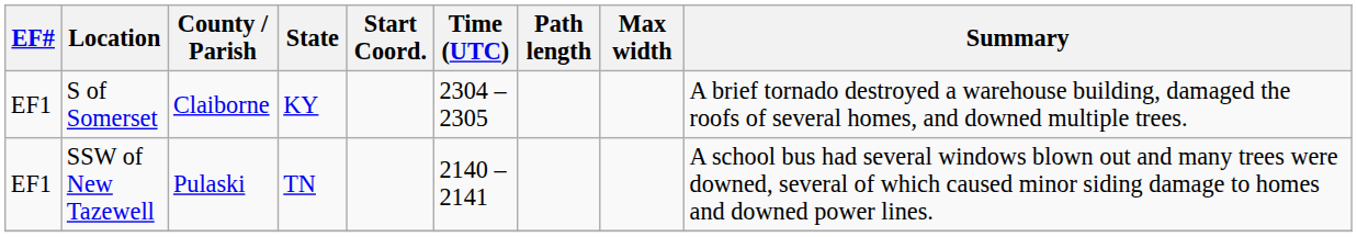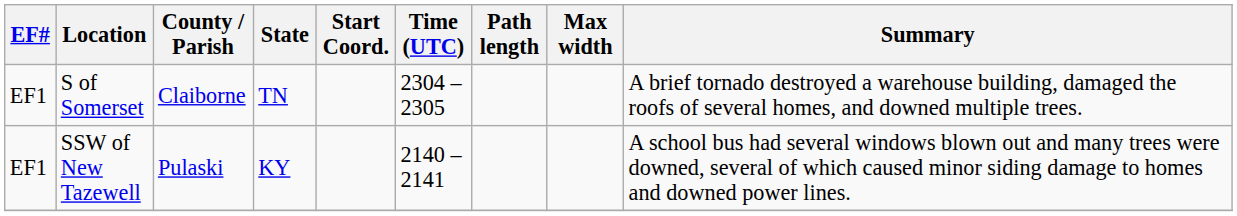 <table class="wikitable sortable" style="width:100%;">
 <tr>
 <th scope="col"  style="width:3%; text-align:center;"><a href='#'>EF#</a></th>
 <th scope="col"  style="width:7%; text-align:center;" class="unsortable">Location</th>
 <th scope="col"  style="width:6%; text-align:center;" class="unsortable">County / Parish</th>
 <th scope="col"  style="width:5%; text-align:center;">State</th>
 <th scope="col"  style="width:6%; text-align:center;">Start Coord.</th>
 <th scope="col"  style="width:6%; text-align:center;">Time (<a href='#'>UTC</a>)</th>
 <th scope="col"  style="width:6%; text-align:center;">Path length</th>
 <th scope="col"  style="width:6%; text-align:center;">Max width</th>
 <th scope="col" class="unsortable" style="width:48%; text-align:center;">Summary</th>
 </tr>
 <tr>
 <td>EF1</td>
 <td>S of <a href='#'>Somerset</a></td>
 <td><a href='#'>Claiborne</a></td>
-<td><a href='#'>KY</a></td>
+<td><a href='#'>TN</a></td>
 <td></td>
 <td>2304 – 2305</td>
 <td></td>
 <td></td>
 <td>A brief tornado destroyed a warehouse building, damaged the roofs of several homes, and downed multiple trees.</td>
 </tr>
 <tr>
 <td>EF1</td>
 <td>SSW of <a href='#'>New Tazewell</a></td>
 <td><a href='#'>Pulaski</a></td>
-<td><a href='#'>TN</a></td>
+<td><a href='#'>KY</a></td>
 <td> </td>
 <td>2140 – 2141</td>
 <td></td>
 <td></td>
 <td>A school bus had several windows blown out and many trees were downed, several of which caused minor siding damage to homes and downed power lines.</td>
 </tr>
 <tr>
 </tr>
 </table>
